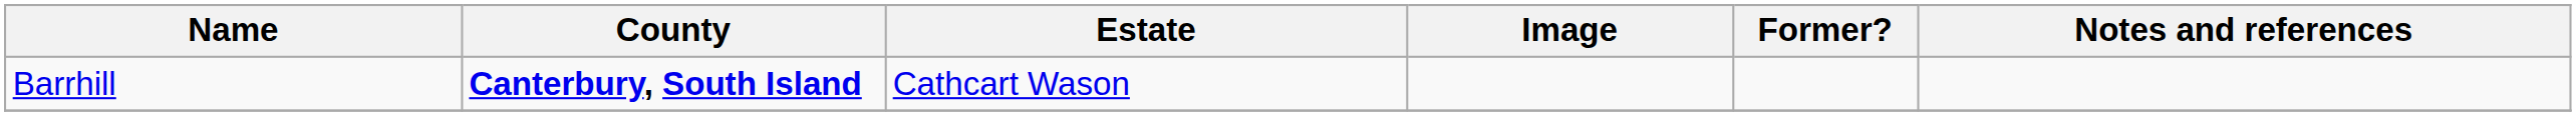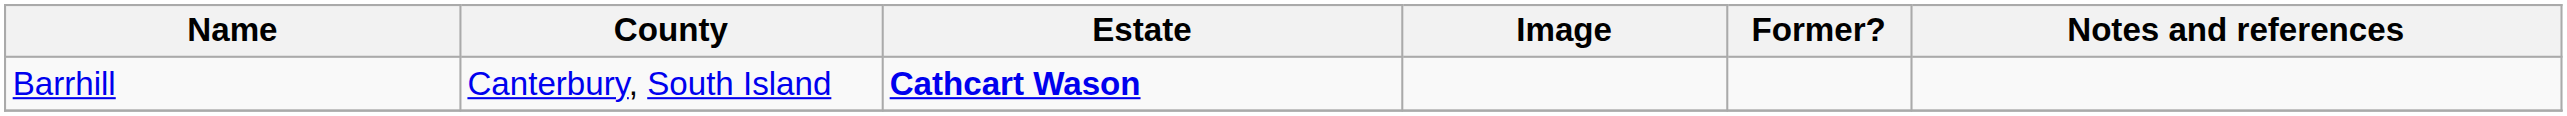 <table class="RM_table wikitable sortable plainlinks plainrowheaders" style="width:78%; font-size:100%; margin-top:0.5em; text-align: left">
 <tr>
 <th scope="col" style="width:14%;">Name</th>
 <th scope="col" style="width:13%;">County</th>
 <th scope="col" style="width:16%;">Estate</th>
 <th scope="col" style="width:10%;" class="unsortable">Image</th>
 <th scope="col" style="width:5%;">Former?</th>
 <th scope="col" style="width:20%;" class="unsortable">Notes and references</th>
 </tr>
 <tr>
 <td><a href='#'>Barrhill</a></td>
-<td><strong><a href='#'>Canterbury</a>, <a href='#'>South Island</a></strong></td>
-<td><a href='#'>Cathcart Wason</a></td>
+<td><a href='#'>Canterbury</a>, <a href='#'>South Island</a></td>
+<td><strong><a href='#'>Cathcart Wason</a></strong></td>
 <td></td>
 <td></td>
 <td></td>
 </tr>
 <tr>
 </tr>
 </table>
